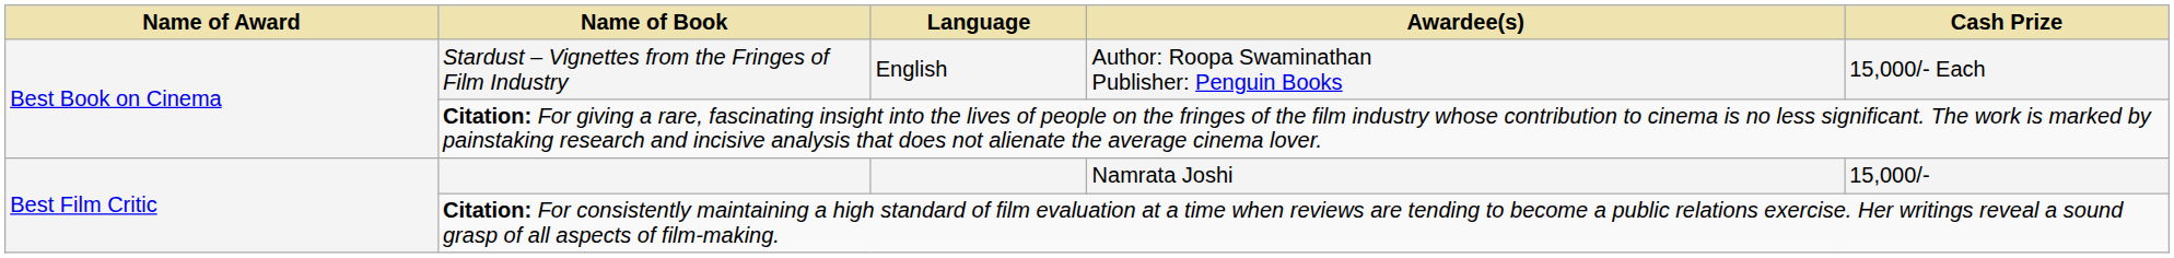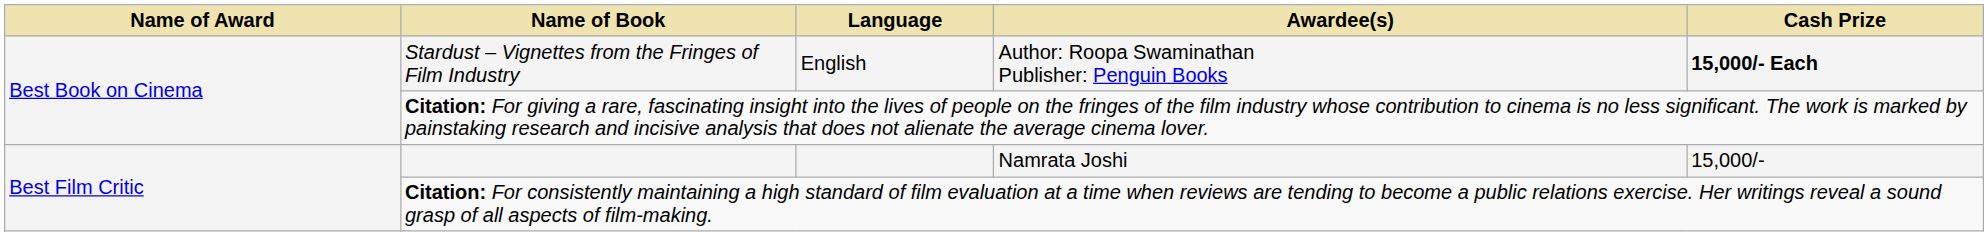 <table class="wikitable" style="width:100%;">
 <tr style="background-color:#F4F4F4">
 <th style="background-color:#EFE4B0;width:20%;">Name of Award</th>
 <th style="background-color:#EFE4B0;width:20%;">Name of Book</th>
 <th style="background-color:#EFE4B0;width:10%;">Language</th>
 <th style="background-color:#EFE4B0;width:35%;">Awardee(s)</th>
 <th style="background-color:#EFE4B0;width:15%;">Cash Prize</th>
 </tr>
 <tr style="background-color:#F4F4F4">
 <td rowspan="2"><a href='#'>Best Book on Cinema</a></td>
 <td><em>Stardust – Vignettes from the Fringes of Film Industry</em></td>
 <td>English</td>
 <td>Author: Roopa Swaminathan<br>Publisher: <a href='#'>Penguin Books</a></td>
-<td> 15,000/- Each</td>
+<td><strong> 15,000/- Each</strong></td>
 </tr>
 <tr style="background-color:#F9F9F9">
 <td colspan="4"><strong>Citation:</strong> <em>For giving a rare, fascinating insight into the lives of people on the fringes of the film industry whose contribution to cinema is no less significant. The work is marked by painstaking research and incisive analysis that does not alienate the average cinema lover.</em></td>
 </tr>
 <tr style="background-color:#F4F4F4">
 <td rowspan="2"><a href='#'>Best Film Critic</a></td>
 <td></td>
 <td></td>
 <td>Namrata Joshi</td>
 <td> 15,000/-</td>
 </tr>
 <tr style="background-color:#F9F9F9">
 <td colspan="4"><strong>Citation:</strong> <em>For consistently maintaining a high standard of film evaluation at a time when reviews are tending to become a public relations exercise. Her writings reveal a sound grasp of all aspects of film-making.</em></td>
 </tr>
 </table>
